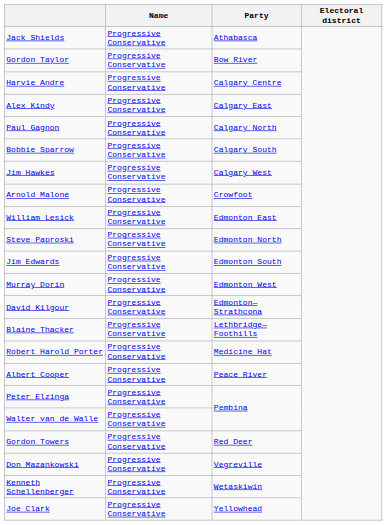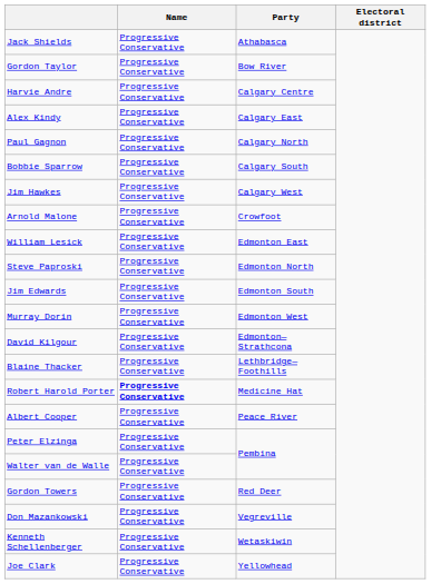 <table class="wikitable" style="width:610px;">
 <tr>
 <th></th>
 <th>Name</th>
 <th>Party</th>
 <th>Electoral district</th>
 </tr>
 <tr>
 <td><a href='#'>Jack Shields</a></td>
 <td><a href='#'>Progressive Conservative</a></td>
 <td><a href='#'>Athabasca</a></td>
 </tr>
 <tr>
 <td><a href='#'>Gordon Taylor</a></td>
 <td><a href='#'>Progressive Conservative</a></td>
 <td><a href='#'>Bow River</a></td>
 </tr>
 <tr>
 <td><a href='#'>Harvie Andre</a></td>
 <td><a href='#'>Progressive Conservative</a></td>
 <td><a href='#'>Calgary Centre</a></td>
 </tr>
 <tr>
 <td><a href='#'>Alex Kindy</a></td>
 <td><a href='#'>Progressive Conservative</a></td>
 <td><a href='#'>Calgary East</a></td>
 </tr>
 <tr>
 <td><a href='#'>Paul Gagnon</a></td>
 <td><a href='#'>Progressive Conservative</a></td>
 <td><a href='#'>Calgary North</a></td>
 </tr>
 <tr>
 <td><a href='#'>Bobbie Sparrow</a></td>
 <td><a href='#'>Progressive Conservative</a></td>
 <td><a href='#'>Calgary South</a></td>
 </tr>
 <tr>
 <td><a href='#'>Jim Hawkes</a></td>
 <td><a href='#'>Progressive Conservative</a></td>
 <td><a href='#'>Calgary West</a></td>
 </tr>
 <tr>
 <td><a href='#'>Arnold Malone</a></td>
 <td><a href='#'>Progressive Conservative</a></td>
 <td><a href='#'>Crowfoot</a></td>
 </tr>
 <tr>
 <td><a href='#'>William Lesick</a></td>
 <td><a href='#'>Progressive Conservative</a></td>
 <td><a href='#'>Edmonton East</a></td>
 </tr>
 <tr>
 <td><a href='#'>Steve Paproski</a></td>
 <td><a href='#'>Progressive Conservative</a></td>
 <td><a href='#'>Edmonton North</a></td>
 </tr>
 <tr>
 <td><a href='#'>Jim Edwards</a></td>
 <td><a href='#'>Progressive Conservative</a></td>
 <td><a href='#'>Edmonton South</a></td>
 </tr>
 <tr>
 <td><a href='#'>Murray Dorin</a></td>
 <td><a href='#'>Progressive Conservative</a></td>
 <td><a href='#'>Edmonton West</a></td>
 </tr>
 <tr>
 <td><a href='#'>David Kilgour</a></td>
 <td><a href='#'>Progressive Conservative</a></td>
 <td><a href='#'>Edmonton—Strathcona</a></td>
 </tr>
 <tr>
 <td><a href='#'>Blaine Thacker</a></td>
 <td><a href='#'>Progressive Conservative</a></td>
 <td><a href='#'>Lethbridge—Foothills</a></td>
 </tr>
 <tr>
 <td><a href='#'>Robert Harold Porter</a></td>
-<td><a href='#'>Progressive Conservative</a></td>
+<td><strong><a href='#'>Progressive Conservative</a></strong></td>
 <td><a href='#'>Medicine Hat</a></td>
 </tr>
 <tr>
 <td><a href='#'>Albert Cooper</a></td>
 <td><a href='#'>Progressive Conservative</a></td>
 <td><a href='#'>Peace River</a></td>
 </tr>
 <tr>
 <td><a href='#'>Peter Elzinga</a></td>
 <td><a href='#'>Progressive Conservative</a></td>
 <td rowspan="2"><a href='#'>Pembina</a></td>
 </tr>
 <tr>
 <td><a href='#'>Walter van de Walle</a></td>
 <td><a href='#'>Progressive Conservative</a></td>
 </tr>
 <tr>
 <td><a href='#'>Gordon Towers</a></td>
 <td><a href='#'>Progressive Conservative</a></td>
 <td><a href='#'>Red Deer</a></td>
 </tr>
 <tr>
 <td><a href='#'>Don Mazankowski</a></td>
 <td><a href='#'>Progressive Conservative</a></td>
 <td><a href='#'>Vegreville</a></td>
 </tr>
 <tr>
 <td><a href='#'>Kenneth Schellenberger</a></td>
 <td><a href='#'>Progressive Conservative</a></td>
 <td><a href='#'>Wetaskiwin</a></td>
 </tr>
 <tr>
 <td><a href='#'>Joe Clark</a></td>
 <td><a href='#'>Progressive Conservative</a></td>
 <td><a href='#'>Yellowhead</a></td>
 </tr>
 </table>
